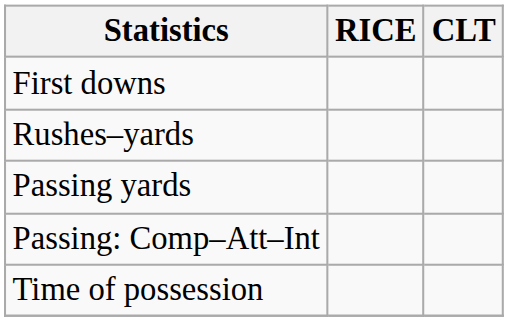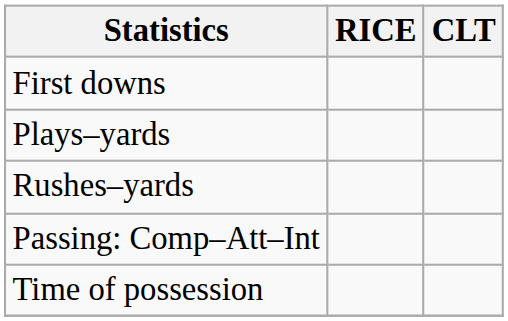 <table class="wikitable" style="float: left;">
 <tr>
 <th>Statistics</th>
 <th>RICE</th>
 <th>CLT</th>
 </tr>
 <tr>
 <td>First downs</td>
 <td></td>
 <td></td>
 </tr>
 <tr>
-<td>Rushes–yards</td>
+<td>Plays–yards</td>
 <td></td>
 <td></td>
 </tr>
 <tr>
-<td>Passing yards</td>
+<td>Rushes–yards</td>
 <td></td>
 <td></td>
 </tr>
 <tr>
 <td>Passing: Comp–Att–Int</td>
 <td></td>
 <td></td>
 </tr>
 <tr>
 <td>Time of possession</td>
 <td></td>
 <td></td>
 </tr>
 <tr>
 </tr>
 </table>
